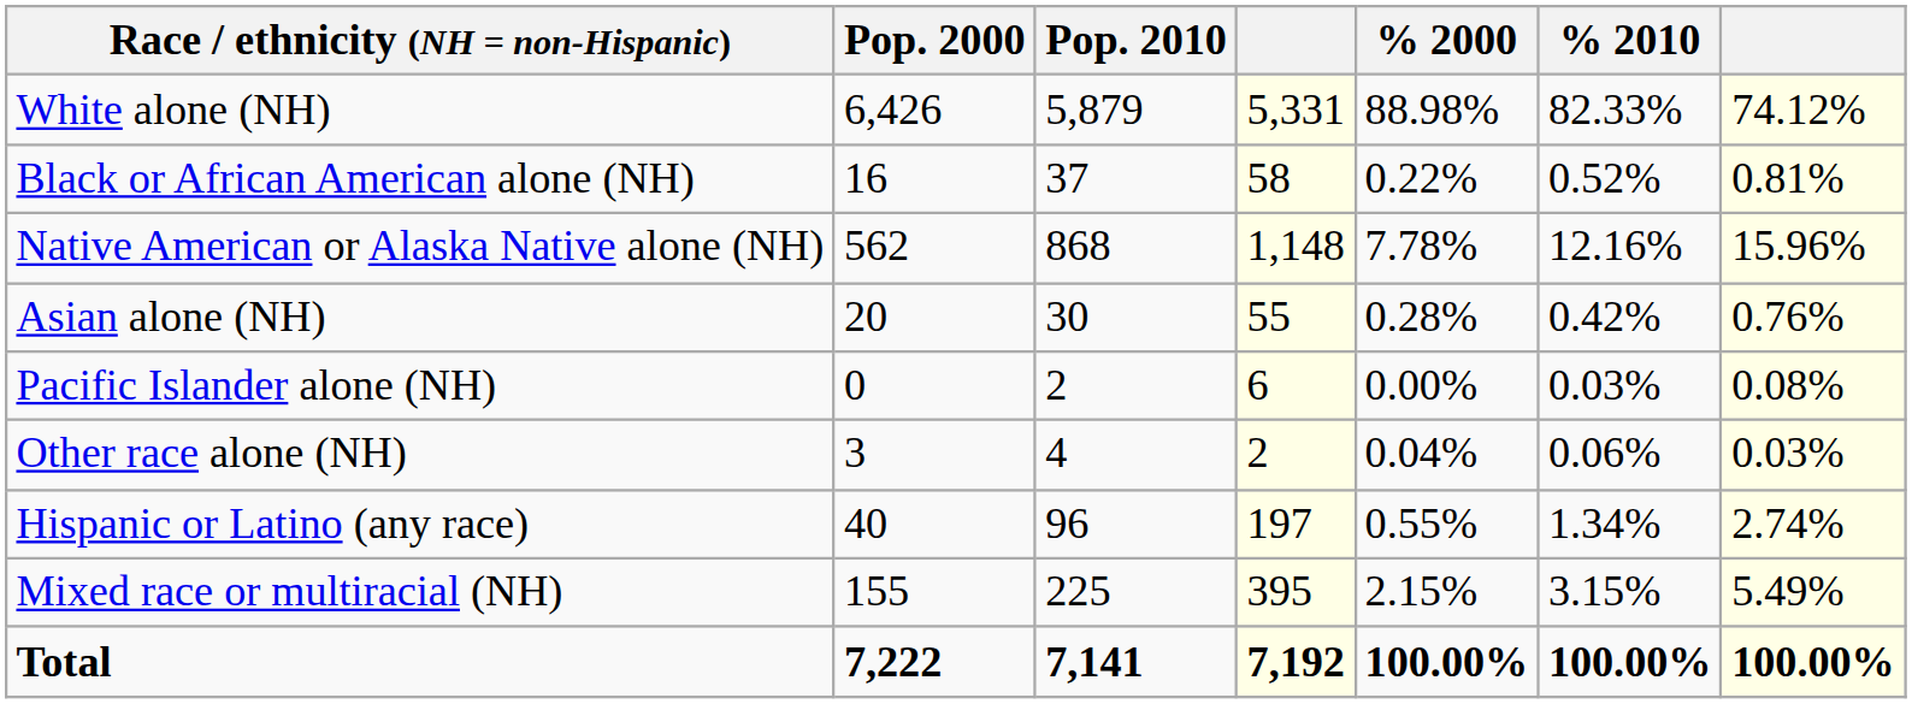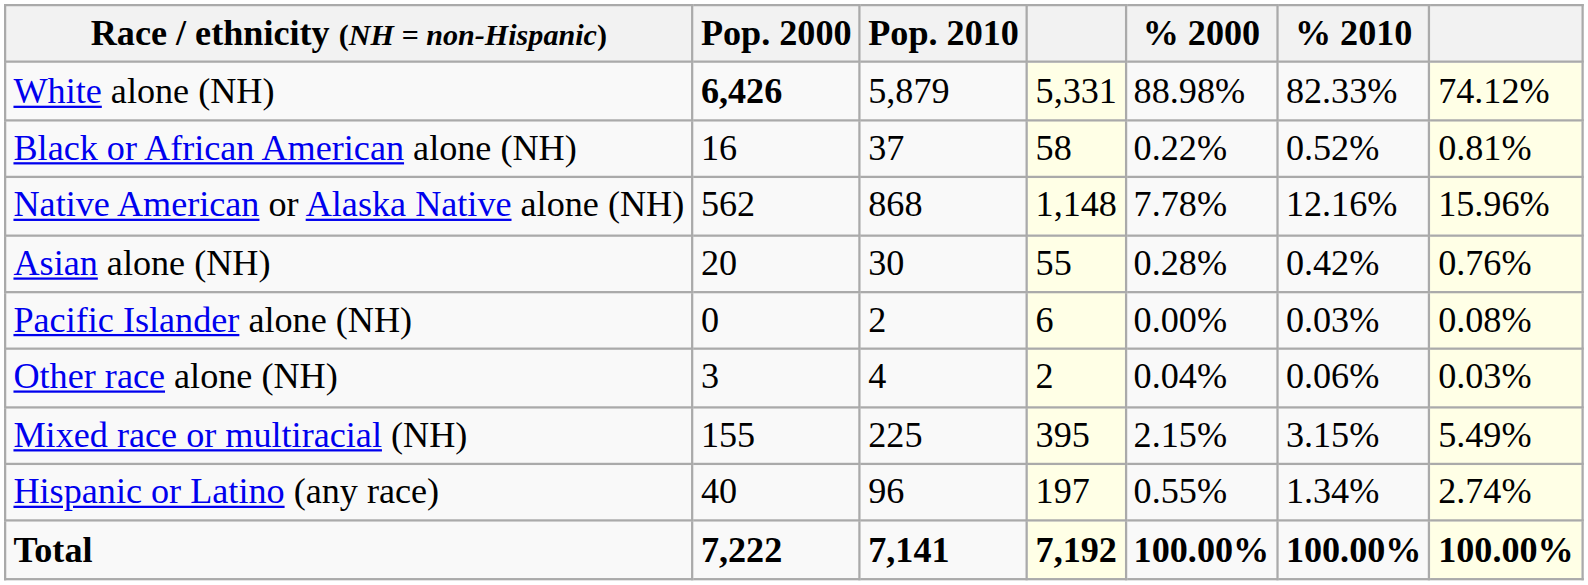 <table class="wikitable">
 <tr>
 <th>Race / ethnicity <small>(<em>NH = non-Hispanic</em>)</small></th>
 <th>Pop. 2000</th>
 <th>Pop. 2010</th>
 <th></th>
 <th>% 2000</th>
 <th>% 2010</th>
 <th></th>
 </tr>
 <tr>
 <td><a href='#'>White</a> alone (NH)</td>
-<td>6,426</td>
+<td><strong>6,426</strong></td>
 <td>5,879</td>
 <td style='background: #ffffe6;'>5,331</td>
 <td>88.98%</td>
 <td>82.33%</td>
 <td style='background: #ffffe6;'>74.12%</td>
 </tr>
 <tr>
 <td><a href='#'>Black or African American</a> alone (NH)</td>
 <td>16</td>
 <td>37</td>
 <td style='background: #ffffe6;'>58</td>
 <td>0.22%</td>
 <td>0.52%</td>
 <td style='background: #ffffe6;'>0.81%</td>
 </tr>
 <tr>
 <td><a href='#'>Native American</a> or <a href='#'>Alaska Native</a> alone (NH)</td>
 <td>562</td>
 <td>868</td>
 <td style='background: #ffffe6;'>1,148</td>
 <td>7.78%</td>
 <td>12.16%</td>
 <td style='background: #ffffe6;'>15.96%</td>
 </tr>
 <tr>
 <td><a href='#'>Asian</a> alone (NH)</td>
 <td>20</td>
 <td>30</td>
 <td style='background: #ffffe6;'>55</td>
 <td>0.28%</td>
 <td>0.42%</td>
 <td style='background: #ffffe6;'>0.76%</td>
 </tr>
 <tr>
 <td><a href='#'>Pacific Islander</a> alone (NH)</td>
 <td>0</td>
 <td>2</td>
 <td style='background: #ffffe6;'>6</td>
 <td>0.00%</td>
 <td>0.03%</td>
 <td style='background: #ffffe6;'>0.08%</td>
 </tr>
 <tr>
 <td><a href='#'>Other race</a> alone (NH)</td>
 <td>3</td>
 <td>4</td>
 <td style='background: #ffffe6;'>2</td>
 <td>0.04%</td>
 <td>0.06%</td>
 <td style='background: #ffffe6;'>0.03%</td>
 </tr>
 <tr>
+<td><a href='#'>Mixed race or multiracial</a> (NH)</td>
+<td>155</td>
+<td>225</td>
+<td style='background: #ffffe6;'>395</td>
+<td>2.15%</td>
+<td>3.15%</td>
+<td style='background: #ffffe6;'>5.49%</td>
+</tr>
+<tr>
 <td><a href='#'>Hispanic or Latino</a> (any race)</td>
 <td>40</td>
 <td>96</td>
 <td style='background: #ffffe6;'>197</td>
 <td>0.55%</td>
 <td>1.34%</td>
 <td style='background: #ffffe6;'>2.74%</td>
-</tr>
-<tr>
-<td><a href='#'>Mixed race or multiracial</a> (NH)</td>
-<td>155</td>
-<td>225</td>
-<td style='background: #ffffe6;'>395</td>
-<td>2.15%</td>
-<td>3.15%</td>
-<td style='background: #ffffe6;'>5.49%</td>
 </tr>
 <tr>
 <td><strong>Total</strong></td>
 <td><strong>7,222</strong></td>
 <td><strong>7,141</strong></td>
 <td style='background: #ffffe6;'><strong>7,192</strong></td>
 <td><strong>100.00%</strong></td>
 <td><strong>100.00%</strong></td>
 <td style='background: #ffffe6;'><strong>100.00%</strong></td>
 </tr>
 </table>
